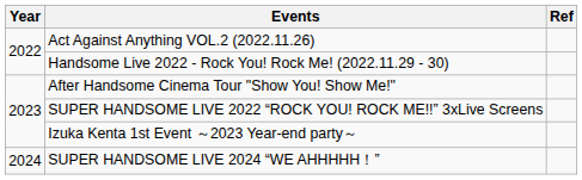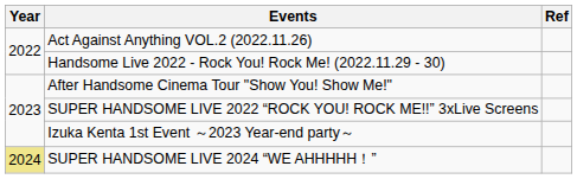 <table class="wikitable">
 <tr>
 <th>Year</th>
 <th>Events</th>
 <th>Ref</th>
 </tr>
 <tr>
 <td rowspan="2">2022</td>
 <td>Act Against Anything VOL.2 (2022.11.26)</td>
 <td></td>
 </tr>
 <tr>
 <td>Handsome Live 2022 - Rock You! Rock Me! (2022.11.29 - 30)</td>
 <td></td>
 </tr>
 <tr>
 <td rowspan="3">2023</td>
 <td>After Handsome Cinema Tour "Show You! Show Me!"</td>
 <td></td>
 </tr>
 <tr>
 <td>SUPER HANDSOME LIVE 2022 “ROCK YOU! ROCK ME!!” 3xLive Screens</td>
 <td></td>
 </tr>
 <tr>
 <td>Izuka Kenta 1st Event ～2023 Year-end party～</td>
 <td></td>
 </tr>
 <tr>
-<td>2024</td>
+<td style="background: khaki;">2024</td>
 <td>SUPER HANDSOME LIVE 2024 “WE AHHHHH！”</td>
 <td></td>
 </tr>
 </table>
